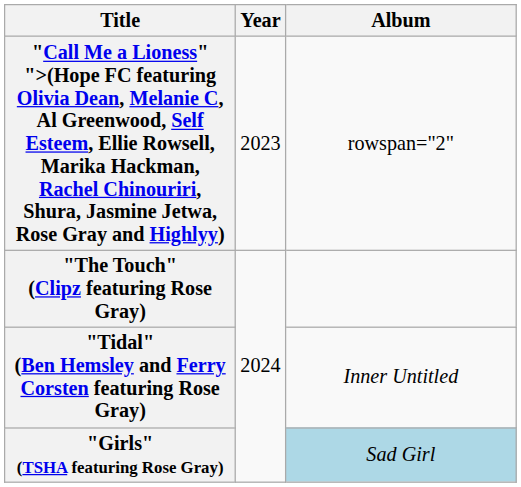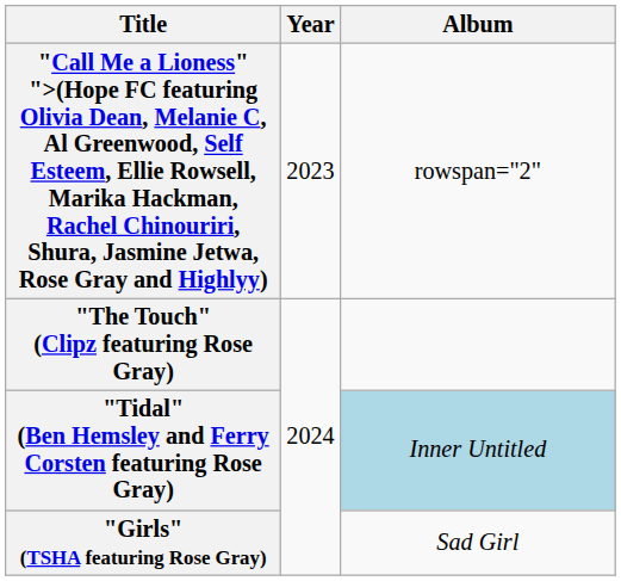 <table class="wikitable plainrowheaders" style="text-align:center;" border="1">
 <tr>
 <th scope="col" style="width:11em;">Title</th>
 <th scope="col" style="width:1em;">Year</th>
 <th scope="col" style="width:11em;">Album</th>
 </tr>
 <tr>
 <th scope="row">"<a href='#'>Call Me a Lioness</a>" <br><span>">(Hope FC featuring <a href='#'>Olivia Dean</a>, <a href='#'>Melanie C</a>, Al Greenwood, <a href='#'>Self Esteem</a>, Ellie Rowsell, Marika Hackman, <a href='#'>Rachel Chinouriri</a>, Shura, Jasmine Jetwa, Rose Gray and <a href='#'>Highlyy</a>)</span></th>
 <td>2023</td>
 <td>rowspan="2" </td>
 </tr>
 <tr>
 <th scope="row">"The Touch" <br><span>(<a href='#'>Clipz</a> featuring Rose Gray)</span></th>
 <td rowspan="3">2024</td>
 </tr>
 <tr>
 <th scope="row">"Tidal" <br><span>(<a href='#'>Ben Hemsley</a> and <a href='#'>Ferry Corsten</a> featuring Rose Gray)</span></th>
-<td><em>Inner Untitled</em></td>
+<td style="background: lightblue;"><em>Inner Untitled</em></td>
 </tr>
 <tr>
 <th scope="row">"Girls" <br><small>(<a href='#'>TSHA</a> featuring Rose Gray)</small></th>
-<td style="background: lightblue;"><em>Sad Girl</em></td>
+<td><em>Sad Girl</em></td>
 </tr>
 </table>
